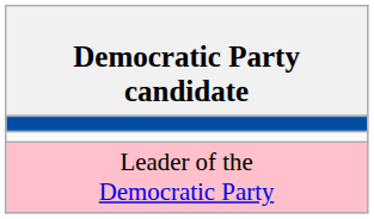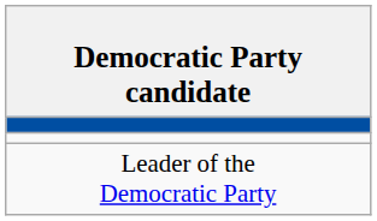 <table class="wikitable" style="font-size:90%; text-align:center;">
 <tr>
 <td style="background:#f1f1f1;" colspan="30"><br><big><strong>Democratic Party candidate</strong></big></td>
 </tr>
 <tr>
 <th style=" font-size:135%; background:#004EA2; width:200px;"><a href='#'></a></th>
 </tr>
 <tr>
 <td></td>
 </tr>
 <tr>
-<td style="background: pink;">Leader of the<br><a href='#'>Democratic Party</a><br></td>
+<td>Leader of the<br><a href='#'>Democratic Party</a><br></td>
 </tr>
 </table>
